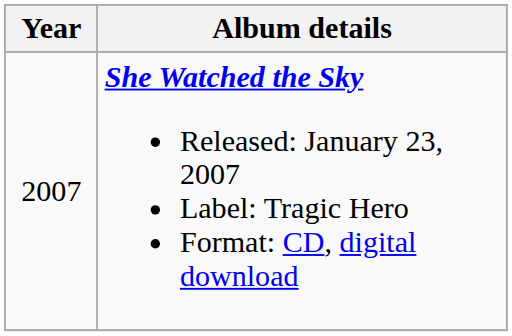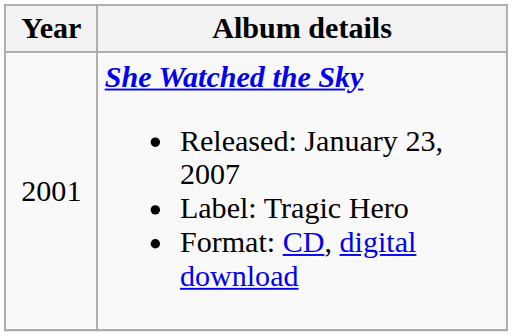 <table class="wikitable" style="text-align:center;">
 <tr>
 <th width="42">Year</th>
 <th width="210">Album details</th>
 </tr>
 <tr>
-<td>2007</td>
+<td>2001</td>
 <td align="left"><strong><em><a href='#'>She Watched the Sky</a></em></strong><br><ul><li>Released: January 23, 2007</li><li>Label: Tragic Hero</li><li>Format: <a href='#'>CD</a>, <a href='#'>digital download</a></li></ul></td>
 </tr>
 <tr>
 </tr>
 </table>
